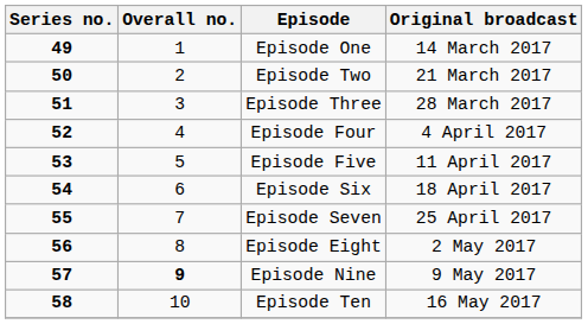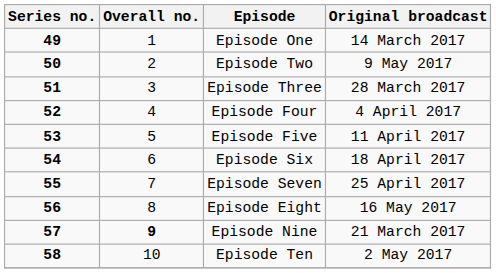 <table class="wikitable" style="text-align:center;">
 <tr>
 <th>Series no.</th>
 <th>Overall no.</th>
 <th>Episode</th>
 <th>Original broadcast</th>
 </tr>
 <tr>
 <td><strong>49</strong></td>
 <td>1</td>
 <td>Episode One</td>
 <td>14 March 2017</td>
 </tr>
 <tr>
 <td><strong>50</strong></td>
 <td>2</td>
 <td>Episode Two</td>
-<td>21 March 2017</td>
+<td>9 May 2017</td>
 </tr>
 <tr>
 <td><strong>51</strong></td>
 <td>3</td>
 <td>Episode Three</td>
 <td>28 March 2017</td>
 </tr>
 <tr>
 <td><strong>52</strong></td>
 <td>4</td>
 <td>Episode Four</td>
 <td>4 April 2017</td>
 </tr>
 <tr>
 <td><strong>53</strong></td>
 <td>5</td>
 <td>Episode Five</td>
 <td>11 April 2017</td>
 </tr>
 <tr>
 <td><strong>54</strong></td>
 <td>6</td>
 <td>Episode Six</td>
 <td>18 April 2017</td>
 </tr>
 <tr>
 <td><strong>55</strong></td>
 <td>7</td>
 <td>Episode Seven</td>
 <td>25 April 2017</td>
 </tr>
 <tr>
 <td><strong>56</strong></td>
 <td>8</td>
 <td>Episode Eight</td>
-<td>2 May 2017</td>
+<td>16 May 2017</td>
 </tr>
 <tr>
 <td><strong>57</strong></td>
 <td><strong>9</strong></td>
 <td>Episode Nine</td>
-<td>9 May 2017</td>
+<td>21 March 2017</td>
 </tr>
 <tr>
 <td><strong>58</strong></td>
 <td>10</td>
 <td>Episode Ten</td>
-<td>16 May 2017</td>
+<td>2 May 2017</td>
 </tr>
 <tr>
 </tr>
 </table>
